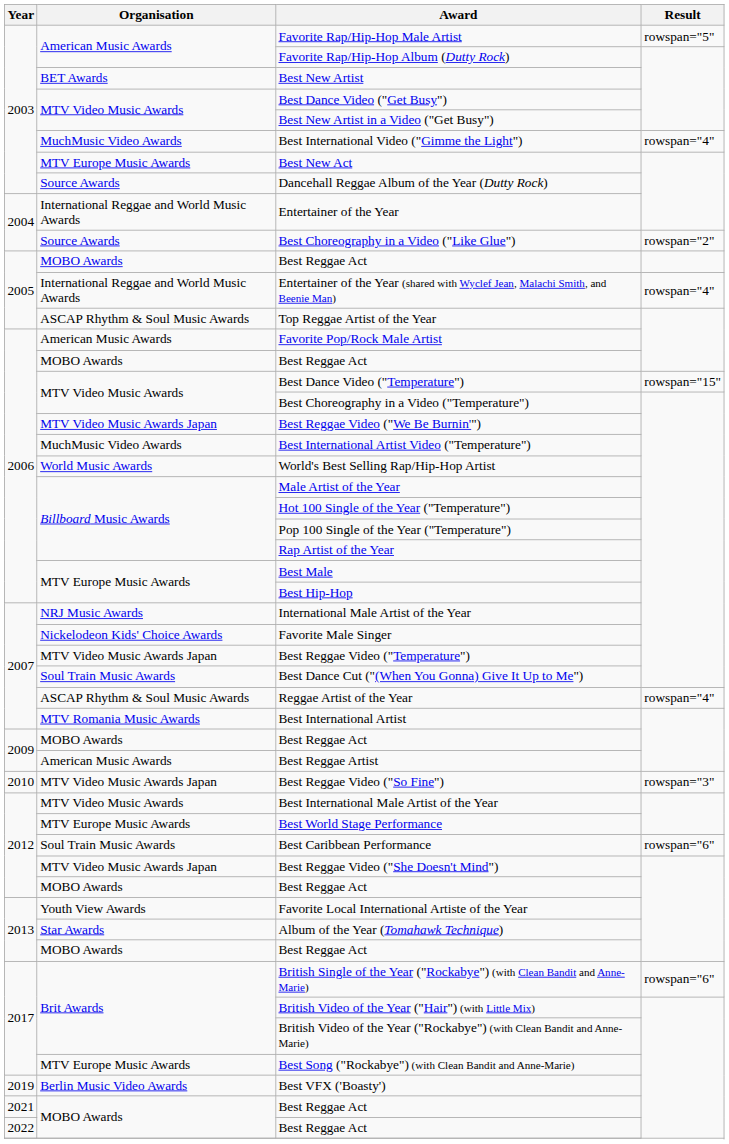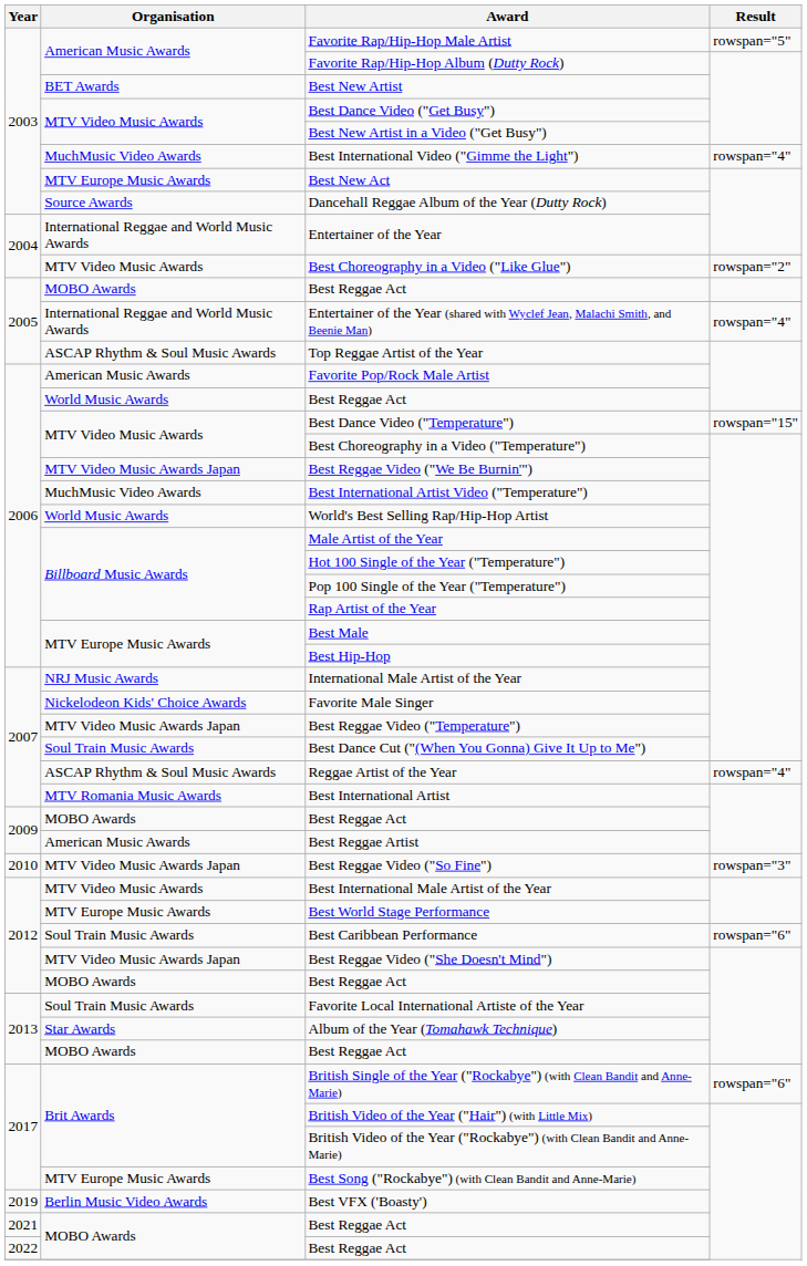 <table class="wikitable">
 <tr>
 <th style="background">Year</th>
 <th style="background">Organisation</th>
 <th style="background">Award</th>
 <th style="background">Result</th>
 </tr>
 <tr>
 <td rowspan="8" style="text-align:center;">2003</td>
 <td rowspan="2"><a href='#'>American Music Awards</a></td>
 <td><a href='#'>Favorite Rap/Hip-Hop Male Artist</a></td>
 <td>rowspan="5" </td>
 </tr>
 <tr>
 <td><a href='#'>Favorite Rap/Hip-Hop Album</a> (<em><a href='#'>Dutty Rock</a></em>)</td>
 </tr>
 <tr>
 <td><a href='#'>BET Awards</a></td>
 <td><a href='#'>Best New Artist</a></td>
 </tr>
 <tr>
 <td rowspan="2"><a href='#'>MTV Video Music Awards</a></td>
 <td><a href='#'>Best Dance Video</a> ("<a href='#'>Get Busy</a>")</td>
 </tr>
 <tr>
 <td><a href='#'>Best New Artist in a Video</a> ("Get Busy")</td>
 </tr>
 <tr>
 <td><a href='#'>MuchMusic Video Awards</a></td>
 <td>Best International Video ("<a href='#'>Gimme the Light</a>")</td>
 <td>rowspan="4" </td>
 </tr>
 <tr>
 <td><a href='#'>MTV Europe Music Awards</a></td>
 <td><a href='#'>Best New Act</a></td>
 </tr>
 <tr>
 <td><a href='#'>Source Awards</a></td>
 <td>Dancehall Reggae Album of the Year (<em>Dutty Rock</em>)</td>
 </tr>
 <tr>
 <td rowspan="2" style="text-align:center;">2004</td>
 <td>International Reggae and World Music Awards</td>
 <td>Entertainer of the Year</td>
 </tr>
 <tr>
-<td><a href='#'>Source Awards</a></td>
+<td>MTV Video Music Awards</td>
 <td><a href='#'>Best Choreography in a Video</a> ("<a href='#'>Like Glue</a>")</td>
 <td>rowspan="2" </td>
 </tr>
 <tr>
 <td rowspan="3">2005</td>
 <td><a href='#'>MOBO Awards</a></td>
 <td>Best Reggae Act</td>
 </tr>
 <tr>
 <td>International Reggae and World Music Awards</td>
 <td>Entertainer of the Year <small>(shared with <a href='#'>Wyclef Jean</a>, <a href='#'>Malachi Smith</a>, and <a href='#'>Beenie Man</a>)</small></td>
 <td>rowspan="4" </td>
 </tr>
 <tr>
 <td>ASCAP Rhythm & Soul Music Awards</td>
 <td>Top Reggae Artist of the Year</td>
 </tr>
 <tr>
 <td rowspan="13" style="text-align:center;">2006</td>
 <td>American Music Awards</td>
 <td><a href='#'>Favorite Pop/Rock Male Artist</a></td>
 </tr>
 <tr>
-<td>MOBO Awards</td>
+<td><a href='#'>World Music Awards</a></td>
 <td>Best Reggae Act</td>
 </tr>
 <tr>
 <td rowspan="2">MTV Video Music Awards</td>
 <td>Best Dance Video ("<a href='#'>Temperature</a>")</td>
 <td>rowspan="15" </td>
 </tr>
 <tr>
 <td>Best Choreography in a Video ("Temperature")</td>
 </tr>
 <tr>
 <td><a href='#'>MTV Video Music Awards Japan</a></td>
 <td><a href='#'>Best Reggae Video</a> ("<a href='#'>We Be Burnin'</a>")</td>
 </tr>
 <tr>
 <td>MuchMusic Video Awards</td>
 <td><a href='#'>Best International Artist Video</a> ("Temperature")</td>
 </tr>
 <tr>
 <td><a href='#'>World Music Awards</a></td>
 <td>World's Best Selling Rap/Hip-Hop Artist</td>
 </tr>
 <tr>
 <td rowspan="4"><a href='#'><em>Billboard</em> Music Awards</a></td>
 <td><a href='#'>Male Artist of the Year</a></td>
 </tr>
 <tr>
 <td><a href='#'>Hot 100 Single of the Year</a> ("Temperature")</td>
 </tr>
 <tr>
 <td>Pop 100 Single of the Year ("Temperature")</td>
 </tr>
 <tr>
 <td><a href='#'>Rap Artist of the Year</a></td>
 </tr>
 <tr>
 <td rowspan="2">MTV Europe Music Awards</td>
 <td><a href='#'>Best Male</a></td>
 </tr>
 <tr>
 <td><a href='#'>Best Hip-Hop</a></td>
 </tr>
 <tr>
 <td rowspan="6" style="text-align:center;">2007</td>
 <td><a href='#'>NRJ Music Awards</a></td>
 <td>International Male Artist of the Year</td>
 </tr>
 <tr>
 <td><a href='#'>Nickelodeon Kids' Choice Awards</a></td>
 <td>Favorite Male Singer</td>
 </tr>
 <tr>
 <td>MTV Video Music Awards Japan</td>
 <td>Best Reggae Video ("<a href='#'>Temperature</a>")</td>
 </tr>
 <tr>
 <td><a href='#'>Soul Train Music Awards</a></td>
 <td>Best Dance Cut ("<a href='#'>(When You Gonna) Give It Up to Me</a>")</td>
 </tr>
 <tr>
 <td>ASCAP Rhythm & Soul Music Awards</td>
 <td>Reggae Artist of the Year</td>
 <td>rowspan="4" </td>
 </tr>
 <tr>
 <td><a href='#'>MTV Romania Music Awards</a></td>
 <td>Best International Artist</td>
 </tr>
 <tr>
 <td rowspan="2" style="text-align:center;">2009</td>
 <td>MOBO Awards</td>
 <td>Best Reggae Act</td>
 </tr>
 <tr>
 <td>American Music Awards</td>
 <td>Best Reggae Artist</td>
 </tr>
 <tr>
 <td rowspan="1" style="text-align:center;">2010</td>
 <td>MTV Video Music Awards Japan</td>
 <td>Best Reggae Video ("<a href='#'>So Fine</a>")</td>
 <td>rowspan="3" </td>
 </tr>
 <tr>
 <td rowspan="5" style="text-align:center;">2012</td>
 <td>MTV Video Music Awards</td>
 <td>Best International Male Artist of the Year</td>
 </tr>
 <tr>
 <td>MTV Europe Music Awards</td>
 <td><a href='#'>Best World Stage Performance</a></td>
 </tr>
 <tr>
 <td>Soul Train Music Awards</td>
 <td>Best Caribbean Performance</td>
 <td>rowspan="6" </td>
 </tr>
 <tr>
 <td>MTV Video Music Awards Japan</td>
 <td>Best Reggae Video ("<a href='#'>She Doesn't Mind</a>")</td>
 </tr>
 <tr>
 <td>MOBO Awards</td>
 <td>Best Reggae Act</td>
 </tr>
 <tr>
 <td rowspan="3" style="text-align:center;">2013</td>
-<td>Youth View Awards</td>
+<td>Soul Train Music Awards</td>
 <td>Favorite Local International Artiste of the Year</td>
 </tr>
 <tr>
 <td><a href='#'>Star Awards</a></td>
 <td>Album of the Year (<em><a href='#'>Tomahawk Technique</a></em>)</td>
 </tr>
 <tr>
 <td>MOBO Awards</td>
 <td>Best Reggae Act</td>
 </tr>
 <tr>
 <td rowspan=4 style="text-align:center;">2017</td>
 <td rowspan="3"><a href='#'>Brit Awards</a></td>
 <td><a href='#'>British Single of the Year</a> ("<a href='#'>Rockabye</a>")<small> (with <a href='#'>Clean Bandit</a> and <a href='#'>Anne-Marie</a>)</small></td>
 <td>rowspan="6" </td>
 </tr>
 <tr>
 <td><a href='#'>British Video of the Year</a> ("<a href='#'>Hair</a>")<small> (with <a href='#'>Little Mix</a>)</small></td>
 </tr>
 <tr>
 <td>British Video of the Year ("Rockabye")<small> (with Clean Bandit and Anne-Marie)</small></td>
 </tr>
 <tr>
 <td>MTV Europe Music Awards</td>
 <td><a href='#'>Best Song</a> ("Rockabye")<small> (with Clean Bandit and Anne-Marie)</small></td>
 </tr>
 <tr>
 <td>2019</td>
 <td><a href='#'>Berlin Music Video Awards</a></td>
 <td>Best VFX ('Boasty')</td>
 </tr>
 <tr>
 <td rowspan="1" style="text-align:center;">2021</td>
 <td rowspan="2">MOBO Awards</td>
 <td>Best Reggae Act</td>
 </tr>
 <tr>
 <td rowspan="1" style="text-align:center;">2022</td>
 <td>Best Reggae Act</td>
 </tr>
 <tr>
 </tr>
 </table>
